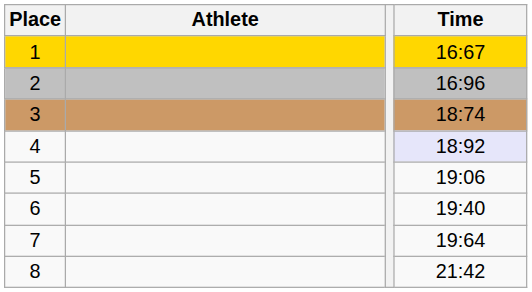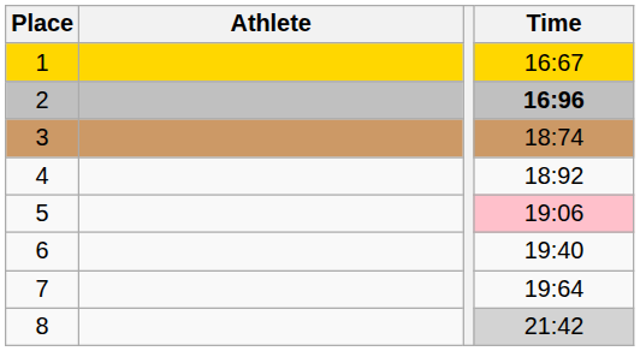 <table class="wikitable" style="text-align:center">
 <tr>
 <th>Place</th>
 <th width=250>Athlete</th>
 <th rowspan=27></th>
 <th width=100>Time</th>
 </tr>
 <tr bgcolor=gold>
 <td>1</td>
 <td align=left></td>
 <td>16:67</td>
 </tr>
 <tr bgcolor=silver>
 <td>2</td>
 <td align=left></td>
-<td>16:96</td>
+<td><strong>16:96</strong></td>
 </tr>
 <tr bgcolor=cc9966>
 <td>3</td>
 <td align=left></td>
 <td>18:74</td>
 </tr>
 <tr>
 <td>4</td>
 <td align=left></td>
-<td style="background: lavender;">18:92</td>
+<td>18:92</td>
 </tr>
 <tr>
 <td>5</td>
 <td align=left></td>
-<td>19:06</td>
+<td style="background: pink;">19:06</td>
 </tr>
 <tr>
 <td>6</td>
 <td align=left></td>
 <td>19:40</td>
 </tr>
 <tr>
 <td>7</td>
 <td align=left></td>
 <td>19:64</td>
 </tr>
 <tr>
 <td>8</td>
 <td align=left></td>
-<td>21:42</td>
+<td style="background: lightgrey;">21:42</td>
 </tr>
 </table>
